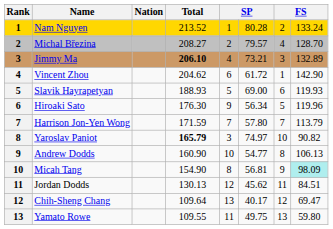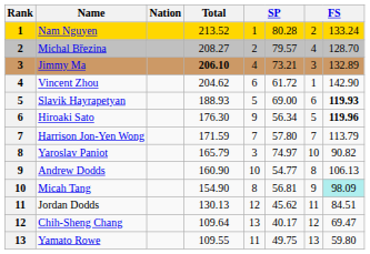 <table class="wikitable sortable">
 <tr>
 <th>Rank</th>
 <th>Name</th>
 <th>Nation</th>
 <th width="80px">Total</th>
 <th colspan="2" width="80px"><a href='#'>SP</a></th>
 <th colspan="2" width="80px"><a href='#'>FS</a></th>
 </tr>
 <tr bgcolor="gold">
 <td align="center"><strong>1</strong></td>
 <td><a href='#'>Nam Nguyen</a></td>
 <td></td>
 <td align="center">213.52</td>
 <td align="center">1</td>
 <td align="center">80.28</td>
 <td align="center">2</td>
 <td align="center">133.24</td>
 </tr>
 <tr bgcolor="silver">
 <td align="center"><strong>2</strong></td>
 <td><a href='#'>Michal Březina</a></td>
 <td></td>
 <td align="center">208.27</td>
 <td align="center">2</td>
 <td align="center">79.57</td>
 <td align="center">4</td>
 <td align="center">128.70</td>
 </tr>
 <tr bgcolor="cc9966">
 <td align="center"><strong>3</strong></td>
 <td><a href='#'>Jimmy Ma</a></td>
 <td></td>
 <td align="center"><strong>206.10</strong></td>
 <td align="center">4</td>
 <td align="center">73.21</td>
 <td align="center">3</td>
 <td align="center">132.89</td>
 </tr>
 <tr>
 <th>4</th>
 <td><a href='#'>Vincent Zhou</a></td>
 <td></td>
 <td align="center">204.62</td>
 <td align="center">6</td>
 <td align="center">61.72</td>
 <td align="center">1</td>
 <td align="center">142.90</td>
 </tr>
 <tr>
 <th>5</th>
 <td><a href='#'>Slavik Hayrapetyan</a></td>
 <td></td>
 <td align="center">188.93</td>
 <td align="center">5</td>
 <td align="center">69.00</td>
 <td align="center">6</td>
-<td align="center">119.93</td>
+<td align="center"><strong>119.93</strong></td>
 </tr>
 <tr>
 <th>6</th>
 <td><a href='#'>Hiroaki Sato</a></td>
 <td></td>
 <td align="center">176.30</td>
 <td align="center">9</td>
 <td align="center">56.34</td>
 <td align="center">5</td>
-<td align="center">119.96</td>
+<td align="center"><strong>119.96</strong></td>
 </tr>
 <tr>
 <th>7</th>
 <td><a href='#'>Harrison Jon-Yen Wong</a></td>
 <td></td>
 <td align="center">171.59</td>
 <td align="center">7</td>
 <td align="center">57.80</td>
 <td align="center">7</td>
 <td align="center">113.79</td>
 </tr>
 <tr>
 <th>8</th>
 <td><a href='#'>Yaroslav Paniot</a></td>
 <td></td>
-<td align="center"><strong>165.79</strong></td>
+<td align="center">165.79</td>
 <td align="center">3</td>
 <td align="center">74.97</td>
 <td align="center">10</td>
 <td align="center">90.82</td>
 </tr>
 <tr>
 <th>9</th>
 <td><a href='#'>Andrew Dodds</a></td>
 <td></td>
 <td align="center">160.90</td>
 <td align="center">10</td>
 <td align="center">54.77</td>
 <td align="center">8</td>
 <td align="center">106.13</td>
 </tr>
 <tr>
 <th>10</th>
 <td><a href='#'>Micah Tang</a></td>
 <td></td>
 <td align="center">154.90</td>
 <td align="center">8</td>
 <td align="center">56.81</td>
 <td align="center">9</td>
 <td align="center" style="background: paleturquoise;">98.09</td>
 </tr>
 <tr>
 <th>11</th>
 <td>Jordan Dodds</td>
 <td></td>
 <td align="center">130.13</td>
 <td align="center">12</td>
 <td align="center">45.62</td>
 <td align="center">11</td>
 <td align="center">84.51</td>
 </tr>
 <tr>
 <th>12</th>
 <td><a href='#'>Chih-Sheng Chang</a></td>
 <td></td>
 <td align="center">109.64</td>
 <td align="center">13</td>
 <td align="center">40.17</td>
 <td align="center">12</td>
 <td align="center">69.47</td>
 </tr>
 <tr>
 <th>13</th>
 <td><a href='#'>Yamato Rowe</a></td>
 <td></td>
 <td align="center">109.55</td>
 <td align="center">11</td>
 <td align="center">49.75</td>
 <td align="center">13</td>
 <td align="center">59.80</td>
 </tr>
 </table>
